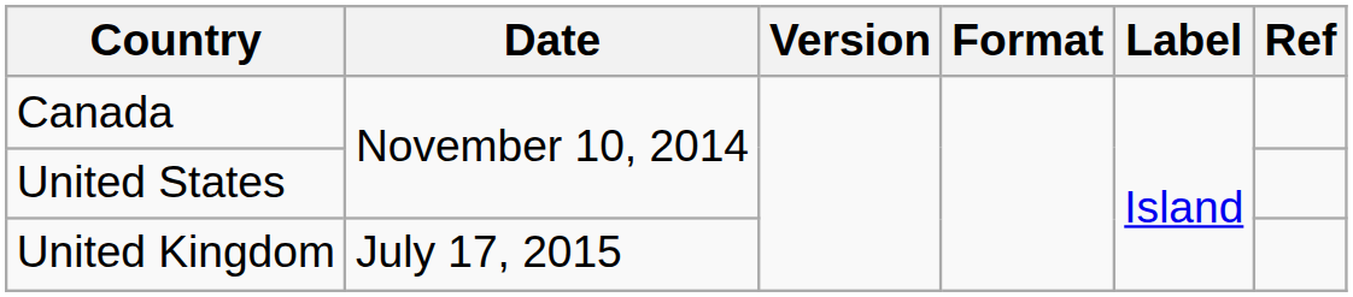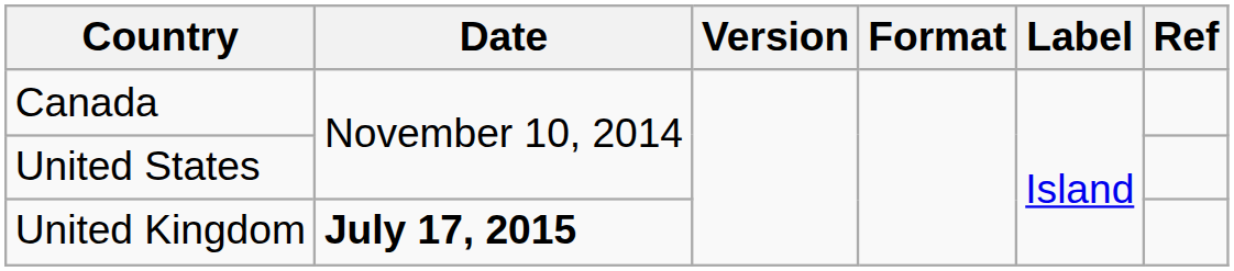 <table class="wikitable plainrowheaders">
 <tr>
 <th scope="col">Country</th>
 <th scope="col">Date</th>
 <th scope="col">Version</th>
 <th scope="col">Format</th>
 <th scope="col">Label</th>
 <th scope="col">Ref</th>
 </tr>
 <tr>
 <td>Canada</td>
 <td rowspan="2">November 10, 2014</td>
 <td rowspan="3"></td>
 <td rowspan="3"></td>
 <td rowspan="3"><br><a href='#'>Island</a></td>
 <td></td>
 </tr>
 <tr>
 <td>United States</td>
 <td></td>
 </tr>
 <tr>
 <td>United Kingdom</td>
-<td>July 17, 2015</td>
+<td><strong>July 17, 2015</strong></td>
 <td></td>
 </tr>
 </table>
